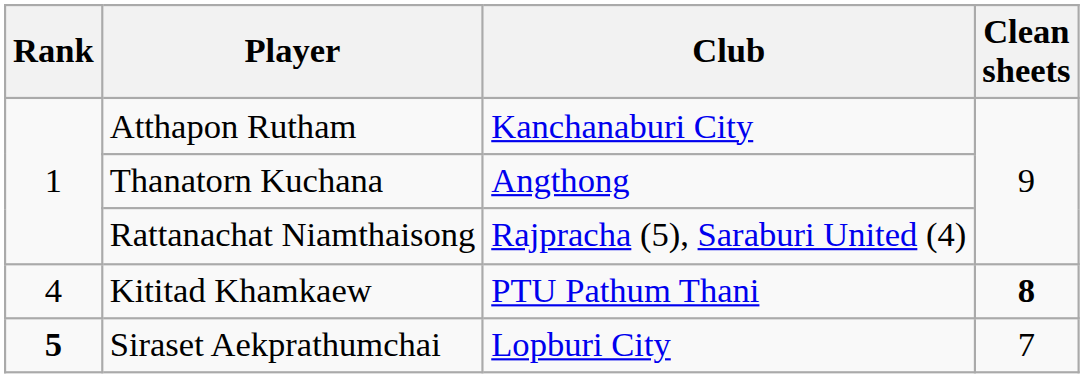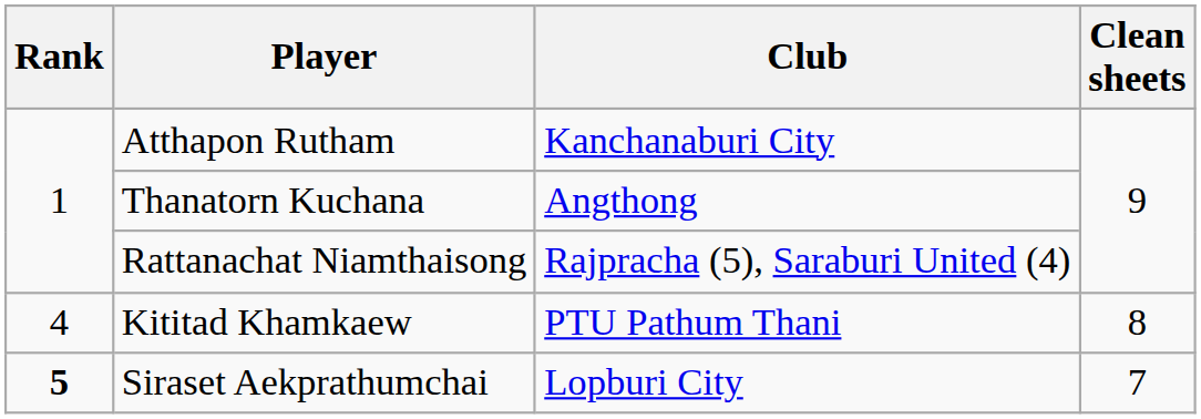 <table class="wikitable" style="text-align:center">
 <tr>
 <th>Rank</th>
 <th>Player</th>
 <th>Club</th>
 <th>Clean<br>sheets</th>
 </tr>
 <tr>
 <td rowspan="3">1</td>
 <td align="left"> Atthapon Rutham</td>
 <td align="left"><a href='#'>Kanchanaburi City</a></td>
 <td rowspan="3">9</td>
 </tr>
 <tr>
 <td align="left"> Thanatorn Kuchana</td>
 <td align="left"><a href='#'>Angthong</a></td>
 </tr>
 <tr>
 <td align="left"> Rattanachat Niamthaisong</td>
 <td align="left"><a href='#'>Rajpracha</a> (5), <a href='#'>Saraburi United</a> (4)</td>
 </tr>
 <tr>
 <td>4</td>
 <td align="left"> Kititad Khamkaew</td>
 <td align="left"><a href='#'>PTU Pathum Thani</a></td>
-<td><strong>8</strong></td>
+<td>8</td>
 </tr>
 <tr>
 <td><strong>5</strong></td>
 <td align="left"> Siraset Aekprathumchai</td>
 <td align="left"><a href='#'>Lopburi City</a></td>
 <td>7</td>
 </tr>
 </table>
